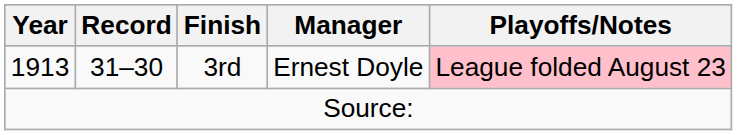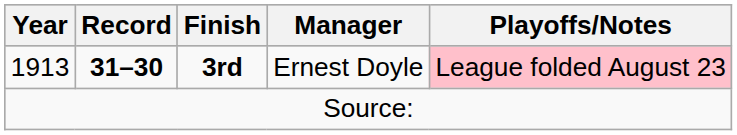 <table class="wikitable" style="text-align:center">
 <tr>
 <th>Year</th>
 <th>Record</th>
 <th>Finish</th>
 <th>Manager</th>
 <th>Playoffs/Notes</th>
 </tr>
 <tr>
 <td>1913</td>
-<td>31–30</td>
-<td>3rd</td>
+<td><strong>31–30</strong></td>
+<td><strong>3rd</strong></td>
 <td>Ernest Doyle</td>
 <td style="background: pink;">League folded August 23</td>
 </tr>
 <tr>
 <td colspan="5">Source: </td>
 </tr>
 </table>
